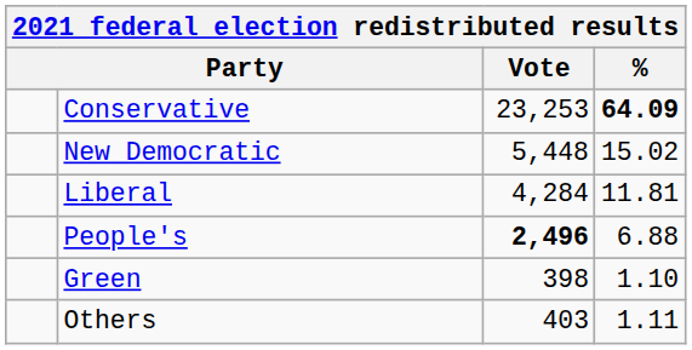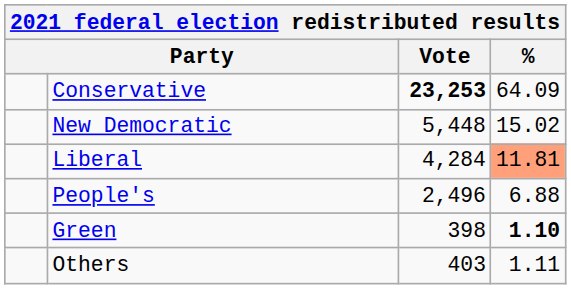 <table class="wikitable">
 <tr>
 <th colspan="4"><a href='#'>2021 federal election</a> redistributed results</th>
 </tr>
 <tr>
 <th bgcolor="#DDDDFF" width="130px" colspan="2">Party</th>
 <th bgcolor="#DDDDFF" width="50px">Vote</th>
 <th bgcolor="#DDDDFF" width="30px">%</th>
 </tr>
 <tr>
 <td> </td>
 <td><a href='#'>Conservative</a></td>
-<td align=right>23,253</td>
-<td align=right><strong>64.09</strong></td>
+<td align=right><strong>23,253</strong></td>
+<td align=right>64.09</td>
 </tr>
 <tr>
 <td> </td>
 <td><a href='#'>New Democratic</a></td>
 <td align=right>5,448</td>
 <td align=right>15.02</td>
 </tr>
 <tr>
 <td> </td>
 <td><a href='#'>Liberal</a></td>
 <td align=right>4,284</td>
-<td align=right>11.81</td>
+<td align=right style="background: lightsalmon;">11.81</td>
 </tr>
 <tr>
 <td> </td>
 <td><a href='#'>People's</a></td>
-<td align=right><strong>2,496</strong></td>
+<td align=right>2,496</td>
 <td align=right>6.88</td>
 </tr>
 <tr>
 <td> </td>
 <td><a href='#'>Green</a></td>
 <td align=right>398</td>
-<td align=right>1.10</td>
+<td align=right><strong>1.10</strong></td>
 </tr>
 <tr>
 <td> </td>
 <td>Others</td>
 <td align=right>403</td>
 <td align=right>1.11</td>
 </tr>
 </table>
